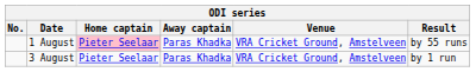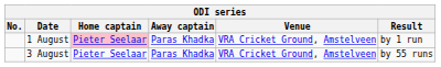 <table class="wikitable">
 <tr>
 <th colspan="9">ODI series</th>
 </tr>
 <tr>
 <th>No.</th>
 <th>Date</th>
 <th>Home captain</th>
 <th>Away captain</th>
 <th>Venue</th>
 <th>Result</th>
 </tr>
 <tr>
 <td></td>
 <td>1 August</td>
 <td style="background: pink;"><a href='#'>Pieter Seelaar</a></td>
 <td><a href='#'>Paras Khadka</a></td>
 <td><a href='#'>VRA Cricket Ground</a>, <a href='#'>Amstelveen</a></td>
-<td> by 55 runs</td>
+<td> by 1 run</td>
 </tr>
 <tr>
 <td></td>
 <td>3 August</td>
 <td><a href='#'>Pieter Seelaar</a></td>
 <td><a href='#'>Paras Khadka</a></td>
 <td><a href='#'>VRA Cricket Ground</a>, <a href='#'>Amstelveen</a></td>
-<td> by 1 run</td>
+<td> by 55 runs</td>
 </tr>
 </table>
